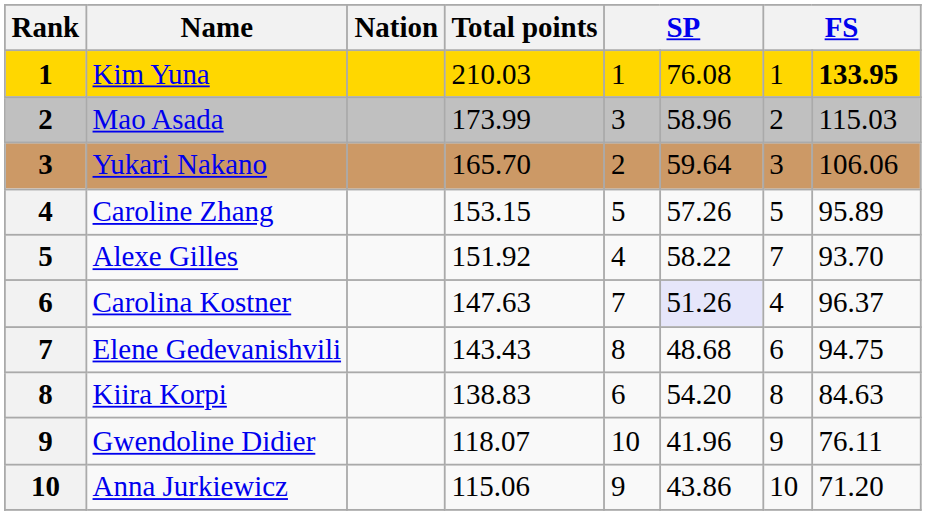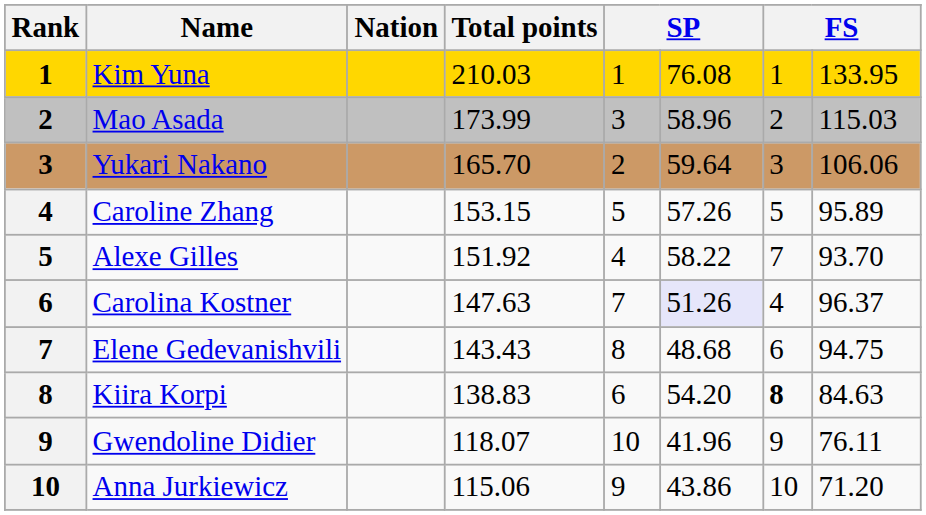 <table class="wikitable sortable">
 <tr>
 <th>Rank</th>
 <th>Name</th>
 <th>Nation</th>
 <th>Total points</th>
 <th colspan="2" width="80px"><a href='#'>SP</a></th>
 <th colspan="2" width="80px"><a href='#'>FS</a></th>
 </tr>
 <tr bgcolor="gold">
 <td align="center"><strong>1</strong></td>
 <td><a href='#'>Kim Yuna</a></td>
 <td></td>
 <td>210.03</td>
 <td>1</td>
 <td>76.08</td>
 <td>1</td>
-<td><strong>133.95</strong></td>
+<td>133.95</td>
 </tr>
 <tr bgcolor="silver">
 <td align="center"><strong>2</strong></td>
 <td><a href='#'>Mao Asada</a></td>
 <td></td>
 <td>173.99</td>
 <td>3</td>
 <td>58.96</td>
 <td>2</td>
 <td>115.03</td>
 </tr>
 <tr bgcolor="cc9966">
 <td align="center"><strong>3</strong></td>
 <td><a href='#'>Yukari Nakano</a></td>
 <td></td>
 <td>165.70</td>
 <td>2</td>
 <td>59.64</td>
 <td>3</td>
 <td>106.06</td>
 </tr>
 <tr>
 <th>4</th>
 <td><a href='#'>Caroline Zhang</a></td>
 <td></td>
 <td>153.15</td>
 <td>5</td>
 <td>57.26</td>
 <td>5</td>
 <td>95.89</td>
 </tr>
 <tr>
 <th>5</th>
 <td><a href='#'>Alexe Gilles</a></td>
 <td></td>
 <td>151.92</td>
 <td>4</td>
 <td>58.22</td>
 <td>7</td>
 <td>93.70</td>
 </tr>
 <tr>
 <th>6</th>
 <td><a href='#'>Carolina Kostner</a></td>
 <td></td>
 <td>147.63</td>
 <td>7</td>
 <td style="background: lavender;">51.26</td>
 <td>4</td>
 <td>96.37</td>
 </tr>
 <tr>
 <th>7</th>
 <td><a href='#'>Elene Gedevanishvili</a></td>
 <td></td>
 <td>143.43</td>
 <td>8</td>
 <td>48.68</td>
 <td>6</td>
 <td>94.75</td>
 </tr>
 <tr>
 <th>8</th>
 <td><a href='#'>Kiira Korpi</a></td>
 <td></td>
 <td>138.83</td>
 <td>6</td>
 <td>54.20</td>
-<td>8</td>
+<td><strong>8</strong></td>
 <td>84.63</td>
 </tr>
 <tr>
 <th>9</th>
 <td><a href='#'>Gwendoline Didier</a></td>
 <td></td>
 <td>118.07</td>
 <td>10</td>
 <td>41.96</td>
 <td>9</td>
 <td>76.11</td>
 </tr>
 <tr>
 <th>10</th>
 <td><a href='#'>Anna Jurkiewicz</a></td>
 <td></td>
 <td>115.06</td>
 <td>9</td>
 <td>43.86</td>
 <td>10</td>
 <td>71.20</td>
 </tr>
 </table>
